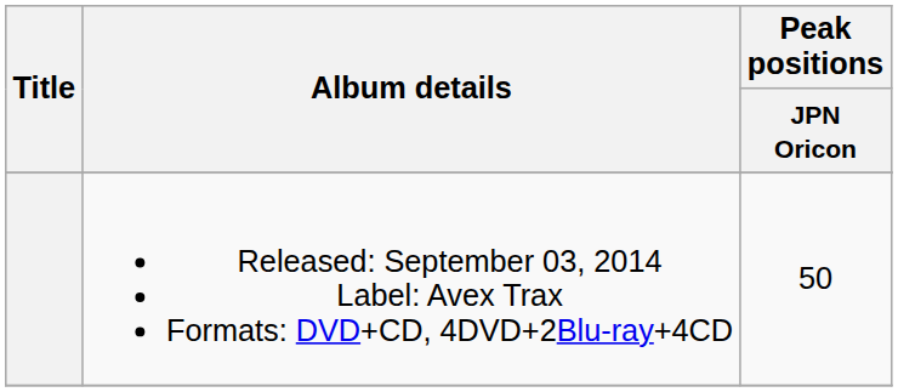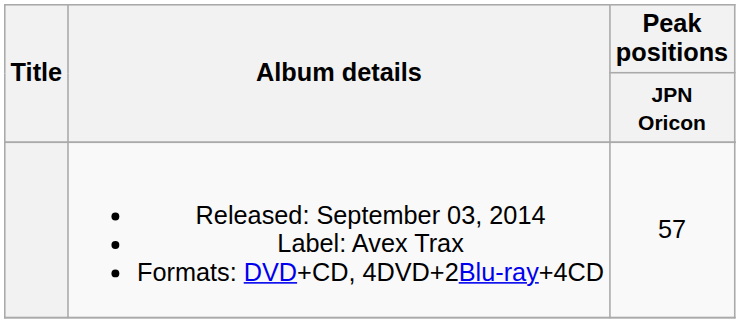 <table class="wikitable plainrowheaders" style="text-align:center;">
 <tr>
 <th scope="col" rowspan="2">Title</th>
 <th scope="col" rowspan="2">Album details</th>
 <th scope="col" colspan="1">Peak<br> positions</th>
 </tr>
 <tr>
 <th scope="col"><small>JPN<br>Oricon</small><br></th>
 </tr>
 <tr>
 </tr>
 <tr>
 <th scope="row"><em></em></th>
 <td><br><ul><li>Released: September 03, 2014</li><li>Label: Avex Trax</li><li>Formats: <a href='#'>DVD</a>+CD, 4DVD+2<a href='#'>Blu-ray</a>+4CD</li></ul></td>
-<td>50</td>
+<td>57</td>
 </tr>
 <tr>
 </tr>
 </table>
